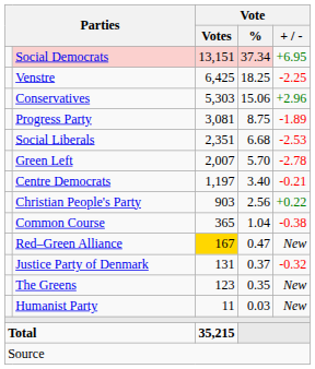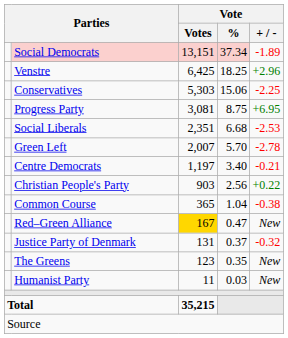 <table class="wikitable" style="text-align:right;">
 <tr>
 <th style="text-align:centre;" rowspan="2" colspan="2" width="225">Parties</th>
 <th colspan="3">Vote</th>
 </tr>
 <tr>
 <th width="15">Votes</th>
 <th width="15">%</th>
 <th width="15">+ / -</th>
 </tr>
 <tr>
 <td width="2" style="color:inherit;background:"></td>
 <td bgcolor=#fbd0ce  align="left"><a href='#'>Social Democrats</a></td>
 <td bgcolor=#fbd0ce>13,151</td>
 <td bgcolor=#fbd0ce>37.34</td>
-<td style=color:green;>+6.95</td>
+<td style=color:red;>-1.89</td>
 </tr>
 <tr>
 <td width="2" style="color:inherit;background:"></td>
 <td align="left"><a href='#'>Venstre</a></td>
 <td>6,425</td>
 <td>18.25</td>
-<td style=color:red;>-2.25</td>
+<td style=color:green;>+2.96</td>
 </tr>
 <tr>
 <td width="2" style="color:inherit;background:"></td>
 <td align="left"><a href='#'>Conservatives</a></td>
 <td>5,303</td>
 <td>15.06</td>
-<td style=color:green;>+2.96</td>
+<td style=color:red;>-2.25</td>
 </tr>
 <tr>
 <td width="2" style="color:inherit;background:"></td>
 <td align="left"><a href='#'>Progress Party</a></td>
 <td>3,081</td>
 <td>8.75</td>
-<td style=color:red;>-1.89</td>
+<td style=color:green;>+6.95</td>
 </tr>
 <tr>
 <td width="2" style="color:inherit;background:"></td>
 <td align="left"><a href='#'>Social Liberals</a></td>
 <td>2,351</td>
 <td>6.68</td>
 <td style=color:red;>-2.53</td>
 </tr>
 <tr>
 <td width="2" style="color:inherit;background:"></td>
 <td align="left"><a href='#'>Green Left</a></td>
 <td>2,007</td>
 <td>5.70</td>
 <td style=color:red;>-2.78</td>
 </tr>
 <tr>
 <td width="2" style="color:inherit;background:"></td>
 <td align="left"><a href='#'>Centre Democrats</a></td>
 <td>1,197</td>
 <td>3.40</td>
 <td style=color:red;>-0.21</td>
 </tr>
 <tr>
 <td width="2" style="color:inherit;background:"></td>
 <td align="left"><a href='#'>Christian People's Party</a></td>
 <td>903</td>
 <td>2.56</td>
 <td style=color:green;>+0.22</td>
 </tr>
 <tr>
 <td width="2" style="color:inherit;background:"></td>
 <td align="left"><a href='#'>Common Course</a></td>
 <td>365</td>
 <td>1.04</td>
 <td style=color:red;>-0.38</td>
 </tr>
 <tr>
 <td width="2" style="color:inherit;background:"></td>
 <td align="left"><a href='#'>Red–Green Alliance</a></td>
 <td style="background: gold;">167</td>
 <td>0.47</td>
 <td><em>New</em></td>
 </tr>
 <tr>
 <td width="2" style="color:inherit;background:"></td>
 <td align="left"><a href='#'>Justice Party of Denmark</a></td>
 <td>131</td>
 <td>0.37</td>
 <td style=color:red;>-0.32</td>
 </tr>
 <tr>
 <td width="2" style="color:inherit;background:"></td>
 <td align="left"><a href='#'>The Greens</a></td>
 <td>123</td>
 <td>0.35</td>
 <td><em>New</em></td>
 </tr>
 <tr>
 <td width="2" style="color:inherit;background:"></td>
 <td align="left"><a href='#'>Humanist Party</a></td>
 <td>11</td>
 <td>0.03</td>
 <td><em>New</em></td>
 </tr>
 <tr>
 <td colspan="7" bgcolor="#E9E9E9"></td>
 </tr>
 <tr>
 <td align="left" colspan="2"><strong>Total</strong></td>
 <td><strong>35,215</strong></td>
 <td bgcolor="#E9E9E9" colspan="2"></td>
 </tr>
 <tr>
 <td align="left" colspan="6">Source</td>
 </tr>
 </table>
